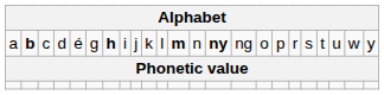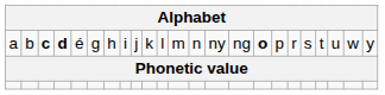 <table class="wikitable" style=text-align:center>
 <tr>
 <th colspan="23">Alphabet</th>
 </tr>
 <tr>
 <td>a</td>
-<td><strong>b</strong></td>
-<td>c</td>
-<td>d</td>
+<td>b</td>
+<td><strong>c</strong></td>
+<td><strong>d</strong></td>
 <td>é</td>
 <td>g</td>
-<td><strong>h</strong></td>
+<td>h</td>
 <td>i</td>
 <td>j</td>
 <td>k</td>
 <td>l</td>
-<td><strong>m</strong></td>
+<td>m</td>
 <td>n</td>
-<td><strong>ny</strong></td>
+<td>ny</td>
 <td>ng</td>
-<td>o</td>
+<td><strong>o</strong></td>
 <td>p</td>
 <td>r</td>
 <td>s</td>
 <td>t</td>
 <td>u</td>
 <td>w</td>
 <td>y</td>
 </tr>
 <tr>
 <th colspan="23">Phonetic value</th>
 </tr>
 <tr>
 <td></td>
 <td></td>
 <td></td>
 <td></td>
 <td></td>
 <td></td>
 <td></td>
 <td></td>
 <td></td>
 <td></td>
 <td></td>
 <td></td>
 <td></td>
 <td></td>
 <td></td>
 <td></td>
 <td></td>
 <td></td>
 <td></td>
 <td></td>
 <td></td>
 <td></td>
 <td></td>
 </tr>
 </table>
